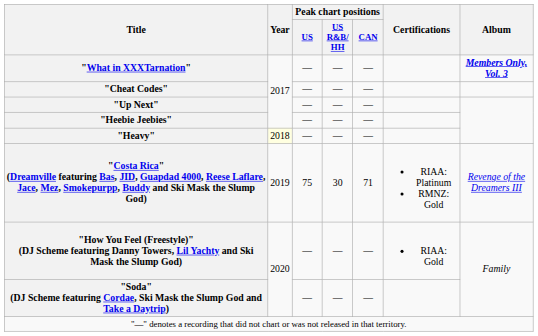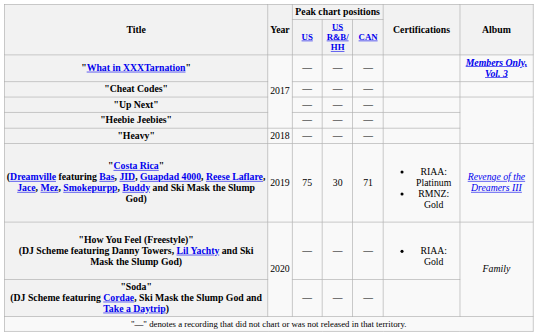 <table class="wikitable plainrowheaders" style="text-align:center;">
 <tr>
 <th scope="col" rowspan="2">Title</th>
 <th scope="col" rowspan="2">Year</th>
 <th scope="col" colspan="3">Peak chart positions</th>
 <th rowspan="2">Certifications</th>
 <th rowspan="2" scope="col">Album</th>
 </tr>
 <tr>
 <th scope="col" style="width:3em;font-size:90%;"><a href='#'>US</a><br></th>
 <th scope="col" style="width:3em;font-size:90%;"><a href='#'>US<br>R&B/<br>HH</a><br></th>
 <th scope="col" style="width:3em;font-size:90%;"><a href='#'>CAN</a><br></th>
 </tr>
 <tr>
 <th scope="row">"<a href='#'>What in XXXTarnation</a>"<br></th>
 <td rowspan="4">2017</td>
 <td>—</td>
 <td>—</td>
 <td>—</td>
 <td></td>
 <td><strong><em><a href='#'>Members Only, Vol. 3</a></em></strong></td>
 </tr>
 <tr>
 <th scope="row">"Cheat Codes"<br></th>
 <td>—</td>
 <td>—</td>
 <td>—</td>
 <td></td>
 <td></td>
 </tr>
 <tr>
 <th scope="row">"Up Next"<br></th>
 <td>—</td>
 <td>—</td>
 <td>—</td>
 <td></td>
 </tr>
 <tr>
 <th scope="row">"Heebie Jeebies"<br></th>
 <td>—</td>
 <td>—</td>
 <td>—</td>
 <td></td>
 </tr>
 <tr>
 <th scope="row">"Heavy"<br></th>
-<td style="background: lightyellow;">2018</td>
+<td>2018</td>
 <td>—</td>
 <td>—</td>
 <td>—</td>
 <td></td>
 </tr>
 <tr>
 <th scope="row">"<a href='#'>Costa Rica</a>"<br><span>(<a href='#'>Dreamville</a> featuring <a href='#'>Bas</a>, <a href='#'>JID</a>, <a href='#'>Guapdad 4000</a>, <a href='#'>Reese Laflare</a>, <a href='#'>Jace</a>, <a href='#'>Mez</a>, <a href='#'>Smokepurpp</a>, <a href='#'>Buddy</a> and Ski Mask the Slump God)</span></th>
 <td>2019</td>
 <td>75</td>
 <td>30</td>
 <td>71</td>
 <td><br><ul><li>RIAA: Platinum</li><li>RMNZ: Gold</li></ul></td>
 <td><em><a href='#'>Revenge of the Dreamers III</a></em></td>
 </tr>
 <tr>
 <th scope="row">"How You Feel (Freestyle)"<br><span>(DJ Scheme featuring Danny Towers, <a href='#'>Lil Yachty</a> and Ski Mask the Slump God)</span></th>
 <td rowspan="2">2020</td>
 <td>—</td>
 <td>—</td>
 <td>—</td>
 <td><br><ul><li>RIAA: Gold</li></ul></td>
 <td rowspan="2"><em>Family</em></td>
 </tr>
 <tr>
 <th scope="row">"Soda"<br><span>(DJ Scheme featuring <a href='#'>Cordae</a>, Ski Mask the Slump God and <a href='#'>Take a Daytrip</a>)</span></th>
 <td>—</td>
 <td>—</td>
 <td>—</td>
 <td></td>
 </tr>
 <tr>
 <td colspan="14" style="font-size:90%">"—" denotes a recording that did not chart or was not released in that territory.</td>
 </tr>
 </table>
